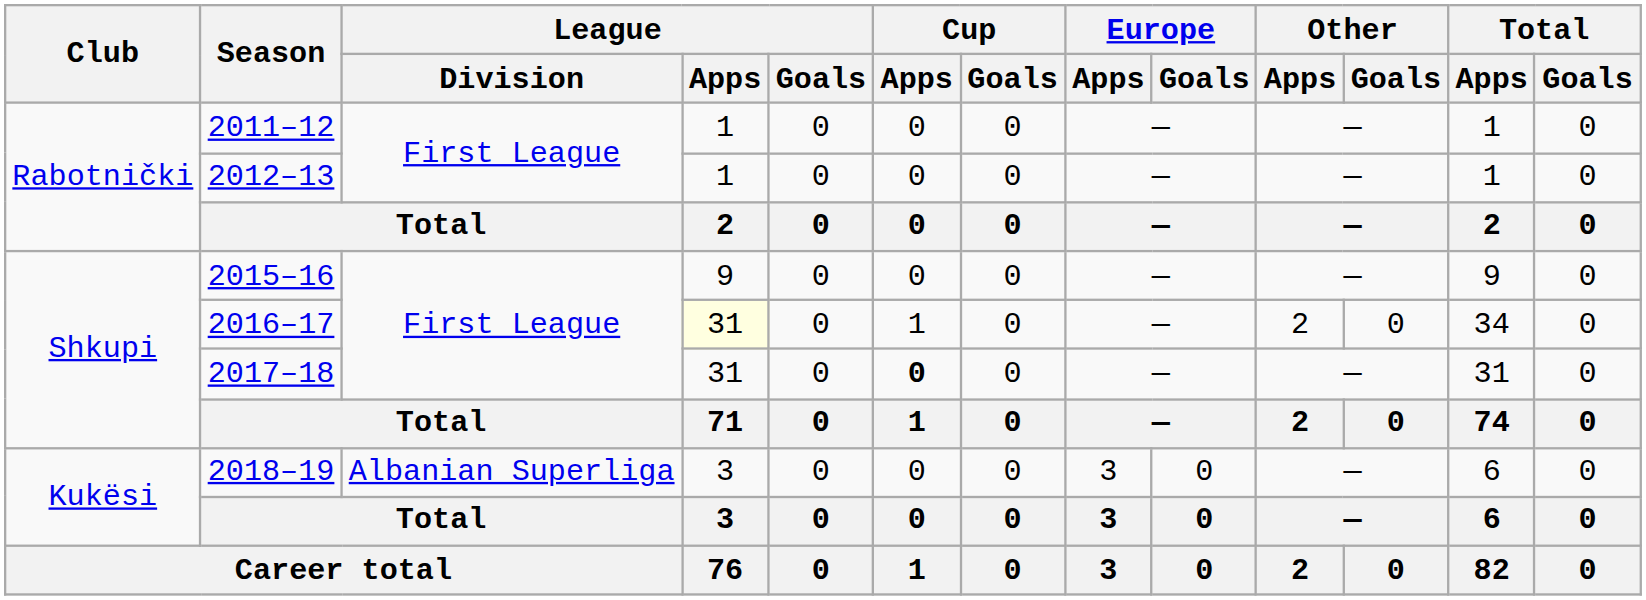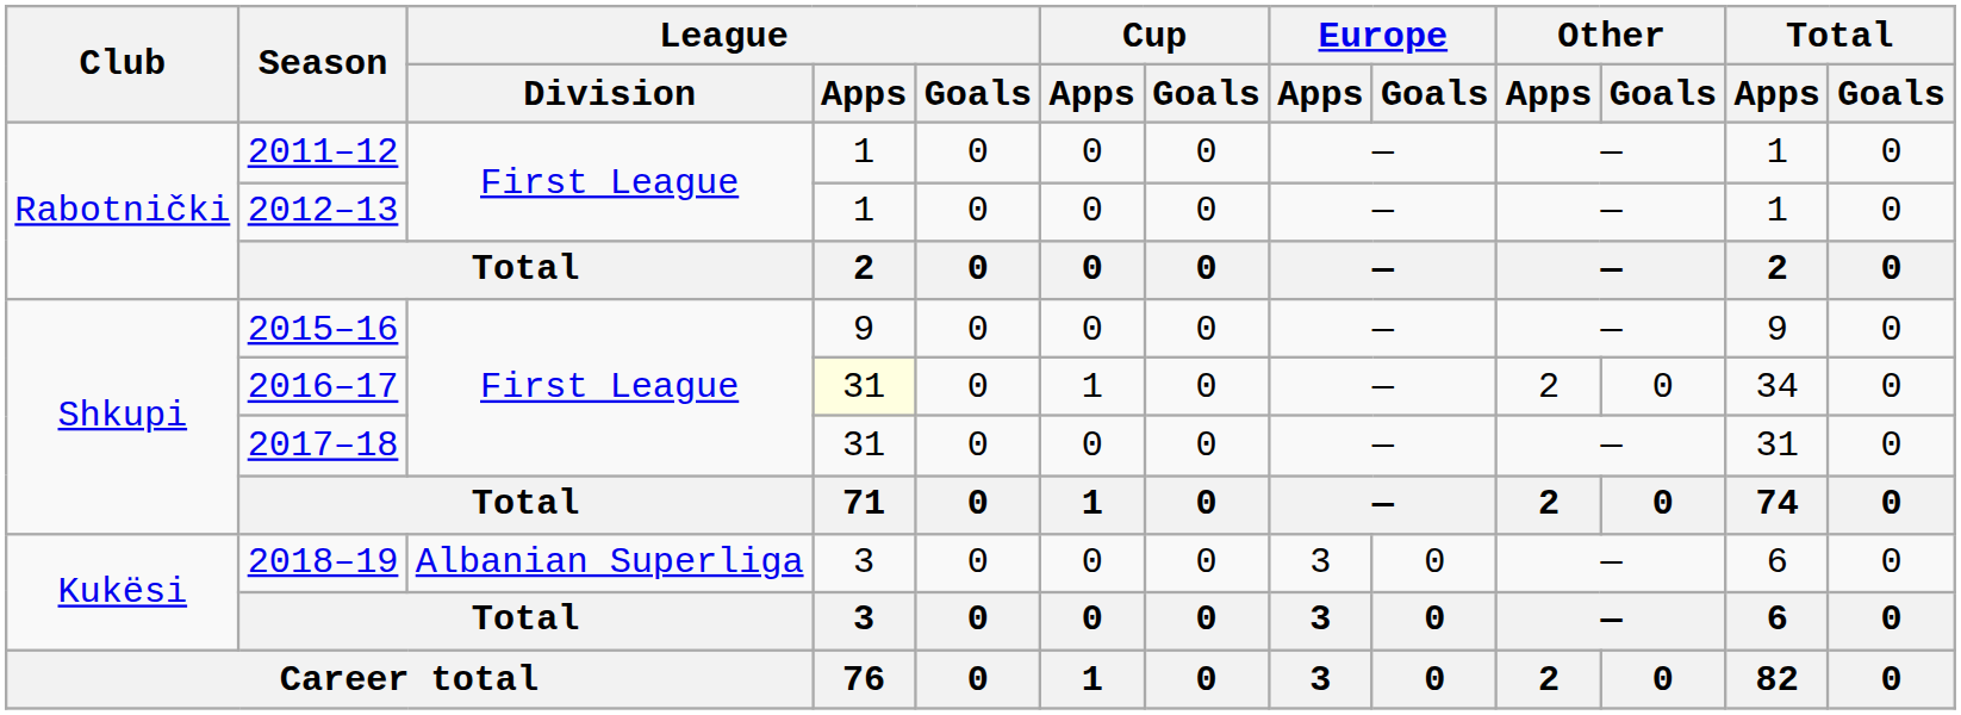 <table class="wikitable" style="text-align:center">
 <tr>
 <th rowspan="2">Club</th>
 <th rowspan="2">Season</th>
 <th colspan="3">League</th>
 <th colspan="2">Cup</th>
 <th colspan="2"><a href='#'>Europe</a></th>
 <th colspan="2">Other</th>
 <th colspan="2">Total</th>
 </tr>
 <tr>
 <th>Division</th>
 <th>Apps</th>
 <th>Goals</th>
 <th>Apps</th>
 <th>Goals</th>
 <th>Apps</th>
 <th>Goals</th>
 <th>Apps</th>
 <th>Goals</th>
 <th>Apps</th>
 <th>Goals</th>
 </tr>
 <tr>
 <td rowspan="3"><a href='#'>Rabotnički</a></td>
 <td><a href='#'>2011–12</a></td>
 <td rowspan="2"><a href='#'>First League</a></td>
 <td>1</td>
 <td>0</td>
 <td>0</td>
 <td>0</td>
 <td colspan="2">—</td>
 <td colspan="2">—</td>
 <td>1</td>
 <td>0</td>
 </tr>
 <tr>
 <td><a href='#'>2012–13</a></td>
 <td>1</td>
 <td>0</td>
 <td>0</td>
 <td>0</td>
 <td colspan="2">—</td>
 <td colspan="2">—</td>
 <td>1</td>
 <td>0</td>
 </tr>
 <tr>
 <th colspan="2">Total</th>
 <th>2</th>
 <th>0</th>
 <th>0</th>
 <th>0</th>
 <th colspan="2">—</th>
 <th colspan="2">—</th>
 <th>2</th>
 <th>0</th>
 </tr>
 <tr>
 <td rowspan="4"><a href='#'>Shkupi</a></td>
 <td><a href='#'>2015–16</a></td>
 <td rowspan="3"><a href='#'>First League</a></td>
 <td>9</td>
 <td>0</td>
 <td>0</td>
 <td>0</td>
 <td colspan="2">—</td>
 <td colspan="2">—</td>
 <td>9</td>
 <td>0</td>
 </tr>
 <tr>
 <td><a href='#'>2016–17</a></td>
 <td style="background: lightyellow;">31</td>
 <td>0</td>
 <td>1</td>
 <td>0</td>
 <td colspan="2">—</td>
 <td>2</td>
 <td>0</td>
 <td>34</td>
 <td>0</td>
 </tr>
 <tr>
 <td><a href='#'>2017–18</a></td>
 <td>31</td>
 <td>0</td>
-<td><strong>0</strong></td>
+<td>0</td>
 <td>0</td>
 <td colspan="2">—</td>
 <td colspan="2">—</td>
 <td>31</td>
 <td>0</td>
 </tr>
 <tr>
 <th colspan="2">Total</th>
 <th>71</th>
 <th>0</th>
 <th>1</th>
 <th>0</th>
 <th colspan="2">—</th>
 <th>2</th>
 <th>0</th>
 <th>74</th>
 <th>0</th>
 </tr>
 <tr>
 <td rowspan="2"><a href='#'>Kukësi</a></td>
 <td><a href='#'>2018–19</a></td>
 <td rowspan="1"><a href='#'>Albanian Superliga</a></td>
 <td>3</td>
 <td>0</td>
 <td>0</td>
 <td>0</td>
 <td>3</td>
 <td>0</td>
 <td colspan="2">—</td>
 <td>6</td>
 <td>0</td>
 </tr>
 <tr>
 <th colspan="2">Total</th>
 <th>3</th>
 <th>0</th>
 <th>0</th>
 <th>0</th>
 <th>3</th>
 <th>0</th>
 <th colspan="2">—</th>
 <th>6</th>
 <th>0</th>
 </tr>
 <tr>
 <th colspan="3">Career total</th>
 <th>76</th>
 <th>0</th>
 <th>1</th>
 <th>0</th>
 <th>3</th>
 <th>0</th>
 <th>2</th>
 <th>0</th>
 <th>82</th>
 <th>0</th>
 </tr>
 </table>
